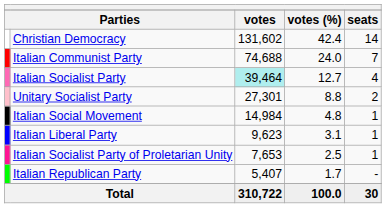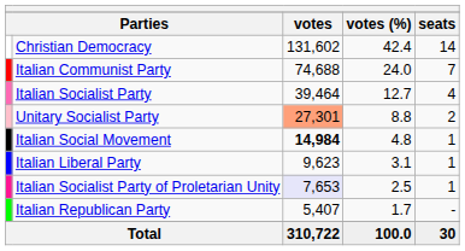 <table class="wikitable" style="font-size:95%">
 <tr>
 <th colspan=5></th>
 </tr>
 <tr>
 </tr>
 <tr bgcolor="EFEFEF">
 <th colspan=2>Parties</th>
 <th>votes</th>
 <th>votes (%)</th>
 <th>seats</th>
 </tr>
 <tr>
 <td bgcolor=White></td>
 <td><a href='#'>Christian Democracy</a></td>
 <td align=right>131,602</td>
 <td align=right>42.4</td>
 <td align=right>14</td>
 </tr>
 <tr>
 <td bgcolor=Red></td>
 <td><a href='#'>Italian Communist Party</a></td>
 <td align=right>74,688</td>
 <td align=right>24.0</td>
 <td align=right>7</td>
 </tr>
 <tr>
 <td bgcolor=Hotpink></td>
 <td><a href='#'>Italian Socialist Party</a></td>
-<td align=right style="background: paleturquoise;">39,464</td>
+<td align=right>39,464</td>
 <td align=right>12.7</td>
 <td align=right>4</td>
 </tr>
 <tr>
 <td bgcolor=Pink></td>
 <td><a href='#'>Unitary Socialist Party</a></td>
-<td align=right>27,301</td>
+<td align=right style="background: lightsalmon;">27,301</td>
 <td align=right>8.8</td>
 <td align=right>2</td>
 </tr>
 <tr>
 <td bgcolor=Black></td>
 <td><a href='#'>Italian Social Movement</a></td>
-<td align=right>14,984</td>
+<td align=right><strong>14,984</strong></td>
 <td align=right>4.8</td>
 <td align=right>1</td>
 </tr>
 <tr>
 <td bgcolor=Blue></td>
 <td><a href='#'>Italian Liberal Party</a></td>
 <td align=right>9,623</td>
 <td align=right>3.1</td>
 <td align=right>1</td>
 </tr>
 <tr>
 <td bgcolor=Deeppink></td>
 <td><a href='#'>Italian Socialist Party of Proletarian Unity</a></td>
-<td align=right>7,653</td>
+<td align=right style="background: lavender;">7,653</td>
 <td align=right>2.5</td>
 <td align=right>1</td>
 </tr>
 <tr>
 <td bgcolor=Lime></td>
 <td><a href='#'>Italian Republican Party</a></td>
 <td align=right>5,407</td>
 <td align=right>1.7</td>
 <td align=right>-</td>
 </tr>
 <tr>
 </tr>
 <tr bgcolor="EFEFEF">
 <th colspan=2><strong>Total</strong></th>
 <td align=right><strong>310,722</strong></td>
 <td align=right><strong>100.0</strong></td>
 <td align=right><strong>30</strong></td>
 </tr>
 </table>
